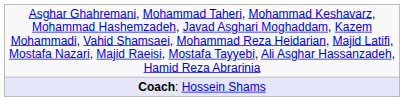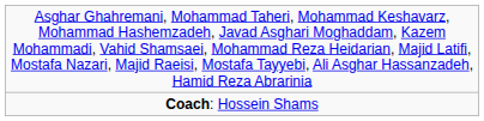 <table class="wikitable" style="text-align:center; width:33em; margin:0.5em auto;">
 <tr>
 <td><a href='#'>Asghar Ghahremani</a>, <a href='#'>Mohammad Taheri</a>, <a href='#'>Mohammad Keshavarz</a>, <a href='#'>Mohammad Hashemzadeh</a>, <a href='#'>Javad Asghari Moghaddam</a>, <a href='#'>Kazem Mohammadi</a>, <a href='#'>Vahid Shamsaei</a>, <a href='#'>Mohammad Reza Heidarian</a>, <a href='#'>Majid Latifi</a>, <a href='#'>Mostafa Nazari</a>, <a href='#'>Majid Raeisi</a>, <a href='#'>Mostafa Tayyebi</a>, <a href='#'>Ali Asghar Hassanzadeh</a>, <a href='#'>Hamid Reza Abrarinia</a></td>
 </tr>
 <tr>
-<td style="background: lavender;"><strong>Coach</strong>:  <a href='#'>Hossein Shams</a></td>
+<td><strong>Coach</strong>:  <a href='#'>Hossein Shams</a></td>
 </tr>
 </table>
